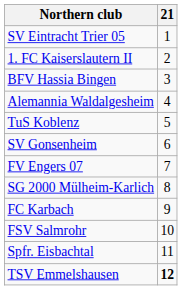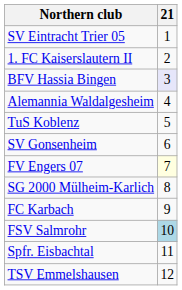 <table class="wikitable sortable">
 <tr>
 <th>Northern club</th>
 <th class="unsortable">21</th>
 </tr>
 <tr align="center">
 <td align="left"><a href='#'>SV Eintracht Trier 05</a></td>
 <td>1</td>
 </tr>
 <tr align="center">
 <td align="left"><a href='#'>1. FC Kaiserslautern II</a></td>
 <td>2</td>
 </tr>
 <tr align="center">
 <td align="left"><a href='#'>BFV Hassia Bingen</a></td>
-<td>3</td>
+<td style="background: lavender;">3</td>
 </tr>
 <tr align="center">
 <td align="left"><a href='#'>Alemannia Waldalgesheim</a></td>
 <td>4</td>
 </tr>
 <tr align="center">
 <td align="left"><a href='#'>TuS Koblenz</a></td>
 <td>5</td>
 </tr>
 <tr align="center">
 <td align="left"><a href='#'>SV Gonsenheim</a></td>
 <td>6</td>
 </tr>
 <tr align="center">
 <td align="left"><a href='#'>FV Engers 07</a></td>
-<td>7</td>
+<td style="background: lightyellow;">7</td>
 </tr>
 <tr align="center">
 <td align="left"><a href='#'>SG 2000 Mülheim-Karlich</a></td>
 <td>8</td>
 </tr>
 <tr align="center">
 <td align="left"><a href='#'>FC Karbach</a></td>
 <td>9</td>
 </tr>
 <tr align="center">
 <td align="left"><a href='#'>FSV Salmrohr</a></td>
-<td>10</td>
+<td style="background: lightblue;">10</td>
 </tr>
 <tr align="center">
 <td align="left"><a href='#'>Spfr. Eisbachtal</a></td>
 <td>11</td>
 </tr>
 <tr align="center">
 <td align="left"><a href='#'>TSV Emmelshausen</a></td>
-<td><strong>12</strong></td>
+<td>12</td>
 </tr>
 </table>
